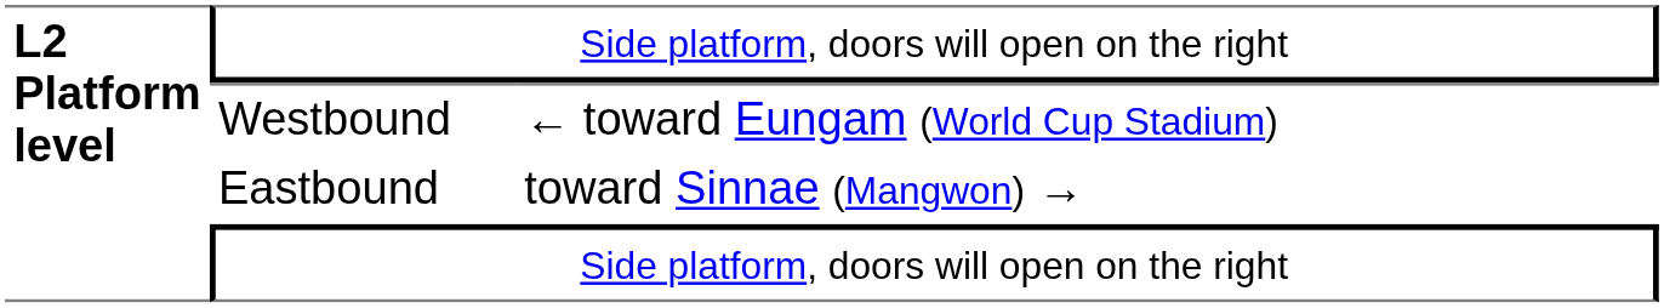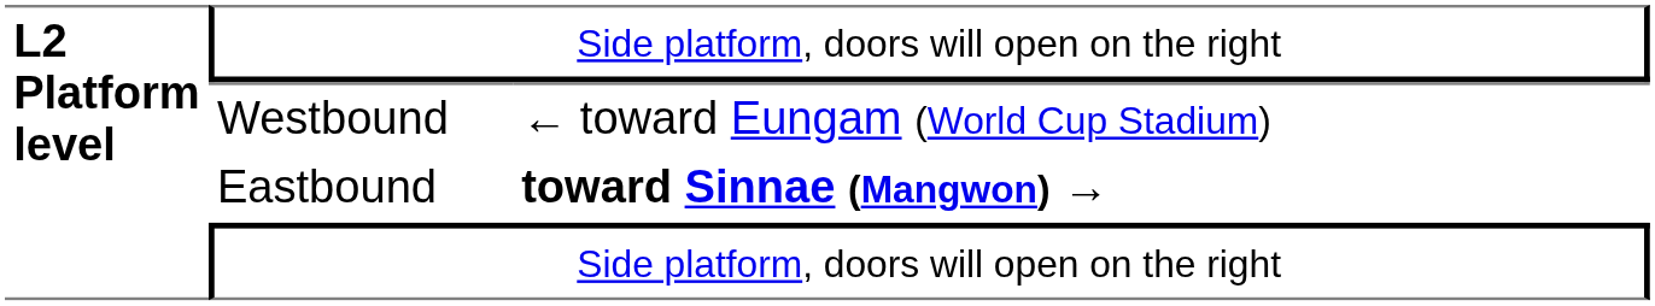 <table table border=0 cellspacing=0 cellpadding=3>
 <tr>
 <td style="border-top:solid 1px gray;border-bottom:solid 1px gray;" width=50 rowspan=10 valign=top><strong>L2<br>Platform level</strong></td>
 <td style="border-top:solid 1px gray;border-right:solid 2px black;border-left:solid 2px black;border-bottom:solid 2px black;text-align:center;" colspan=2><small><a href='#'>Side platform</a>, doors will open on the right</small></td>
 </tr>
 <tr>
 <td style="border-bottom:solid 0px gray;border-top:solid 1px gray;" width=100>Westbound</td>
 <td style="border-bottom:solid 0px gray;border-top:solid 1px gray;" width=390>←  toward <a href='#'>Eungam</a> <small>(<a href='#'>World Cup Stadium</a>)</small></td>
 </tr>
 <tr>
 <td>Eastbound</td>
-<td>  toward <a href='#'>Sinnae</a> <small>(<a href='#'>Mangwon</a>)</small> →</td>
+<td><strong>  toward <a href='#'>Sinnae</a> <small>(<a href='#'>Mangwon</a>)</small> →</strong></td>
 </tr>
 <tr>
 <td style="border-top:solid 2px black;border-right:solid 2px black;border-left:solid 2px black;border-bottom:solid 1px gray;text-align:center;" colspan=2><small><a href='#'>Side platform</a>, doors will open on the right </small></td>
 </tr>
 </table>
